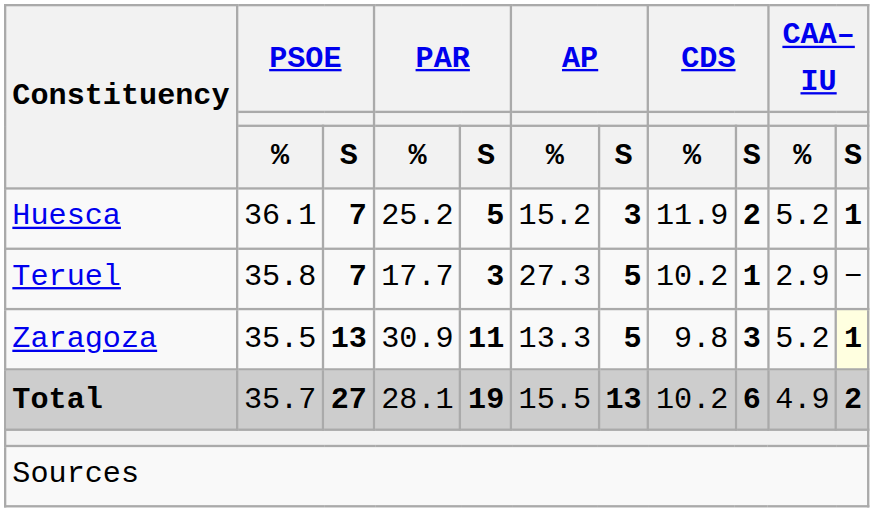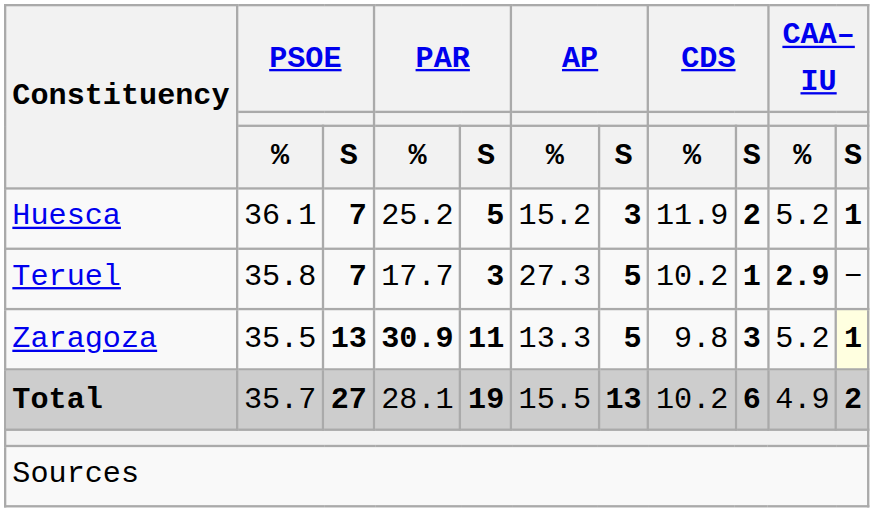 <table class="wikitable sortable" style="text-align:right; line-height:20px;">
 <tr>
 <th rowspan="3">Constituency</th>
 <th colspan="2" width="30px" class="unsortable"><a href='#'>PSOE</a></th>
 <th colspan="2" width="30px" class="unsortable"><a href='#'>PAR</a></th>
 <th colspan="2" width="30px" class="unsortable"><a href='#'>AP</a></th>
 <th colspan="2" width="30px" class="unsortable"><a href='#'>CDS</a></th>
 <th colspan="2" width="30px" class="unsortable"><a href='#'>CAA–IU</a></th>
 </tr>
 <tr>
 <th colspan="2" style="background:"></th>
 <th colspan="2" style="background:"></th>
 <th colspan="2" style="background:"></th>
 <th colspan="2" style="background:"></th>
 <th colspan="2" style="background:"></th>
 </tr>
 <tr>
 <th data-sort-type="number">%</th>
 <th data-sort-type="number">S</th>
 <th data-sort-type="number">%</th>
 <th data-sort-type="number">S</th>
 <th data-sort-type="number">%</th>
 <th data-sort-type="number">S</th>
 <th data-sort-type="number">%</th>
 <th data-sort-type="number">S</th>
 <th data-sort-type="number">%</th>
 <th data-sort-type="number">S</th>
 </tr>
 <tr>
 <td align="left"><a href='#'>Huesca</a></td>
 <td style="background:">36.1</td>
 <td><strong>7</strong></td>
 <td>25.2</td>
 <td><strong>5</strong></td>
 <td>15.2</td>
 <td><strong>3</strong></td>
 <td>11.9</td>
 <td><strong>2</strong></td>
 <td>5.2</td>
 <td><strong>1</strong></td>
 </tr>
 <tr>
 <td align="left"><a href='#'>Teruel</a></td>
 <td style="background:">35.8</td>
 <td><strong>7</strong></td>
 <td>17.7</td>
 <td><strong>3</strong></td>
 <td>27.3</td>
 <td><strong>5</strong></td>
 <td>10.2</td>
 <td><strong>1</strong></td>
-<td>2.9</td>
+<td><strong>2.9</strong></td>
 <td>−</td>
 </tr>
 <tr>
 <td align="left"><a href='#'>Zaragoza</a></td>
 <td style="background:">35.5</td>
 <td><strong>13</strong></td>
-<td>30.9</td>
+<td><strong>30.9</strong></td>
 <td><strong>11</strong></td>
 <td>13.3</td>
 <td><strong>5</strong></td>
 <td>9.8</td>
 <td><strong>3</strong></td>
 <td>5.2</td>
 <td style="background: lightyellow;"><strong>1</strong></td>
 </tr>
 <tr style="background:#CDCDCD;">
 <td align="left"><strong>Total</strong></td>
 <td style="background:">35.7</td>
 <td><strong>27</strong></td>
 <td>28.1</td>
 <td><strong>19</strong></td>
 <td>15.5</td>
 <td><strong>13</strong></td>
 <td>10.2</td>
 <td><strong>6</strong></td>
 <td>4.9</td>
 <td><strong>2</strong></td>
 </tr>
 <tr>
 <th colspan="11"></th>
 </tr>
 <tr>
 <th style="text-align:left; font-weight:normal; background:#F9F9F9" colspan="11">Sources</th>
 </tr>
 </table>
